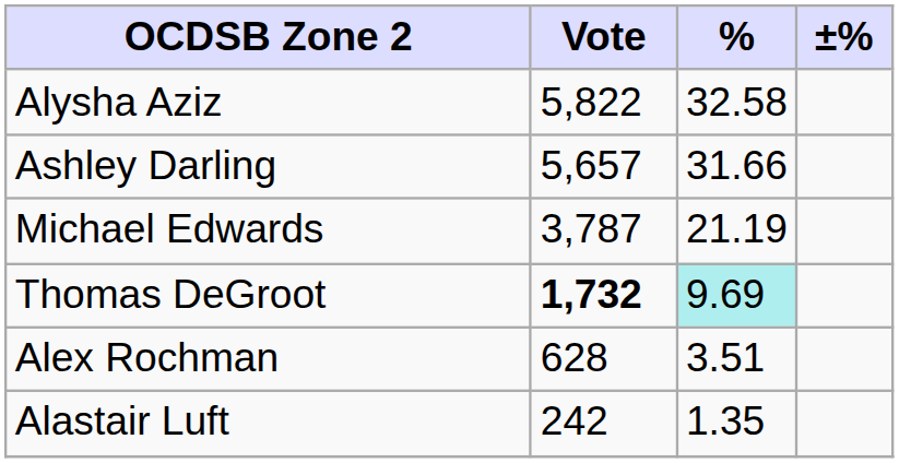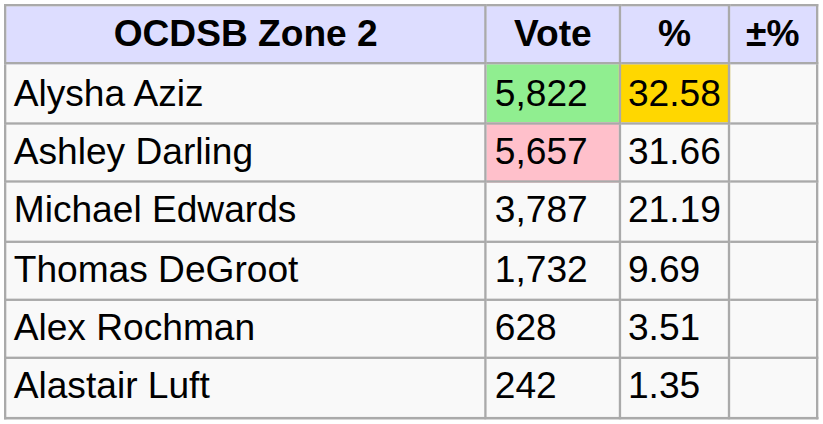 <table class="wikitable">
 <tr>
 <th style="background:#DDDDFF" width="200px">OCDSB Zone 2</th>
 <th style="background:#DDDDFF" width="50px">Vote</th>
 <th style="background:#DDDDFF" width="30px">%</th>
 <th style="background:#DDDDFF" width="30px">±%</th>
 </tr>
 <tr>
 <td>Alysha Aziz</td>
-<td>5,822</td>
-<td>32.58</td>
+<td style="background: lightgreen;">5,822</td>
+<td style="background: gold;">32.58</td>
 <td></td>
 </tr>
 <tr>
 <td>Ashley Darling</td>
-<td>5,657</td>
+<td style="background: pink;">5,657</td>
 <td>31.66</td>
 <td></td>
 </tr>
 <tr>
 <td>Michael Edwards</td>
 <td>3,787</td>
 <td>21.19</td>
 <td></td>
 </tr>
 <tr>
 <td>Thomas DeGroot</td>
-<td><strong>1,732</strong></td>
-<td style="background: paleturquoise;">9.69</td>
+<td>1,732</td>
+<td>9.69</td>
 <td></td>
 </tr>
 <tr>
 <td>Alex Rochman</td>
 <td>628</td>
 <td>3.51</td>
 <td></td>
 </tr>
 <tr>
 <td>Alastair Luft</td>
 <td>242</td>
 <td>1.35</td>
 <td></td>
 </tr>
 <tr>
 </tr>
 </table>
